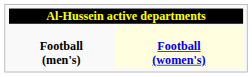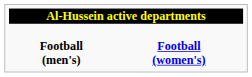 <table class="infobox" style="width: 20em; font-size: 95%em;">
 <tr style="color:yellow; background:black; text-align:center;">
 <th colspan="3" style="text-align: center">Al-Hussein active departments</th>
 </tr>
 <tr style="text-align: center">
 <td><br><strong>Football<br>(men's)</strong></td>
-<td style="background: lightyellow;"><br><strong><a href='#'>Football<br>(women's)</a></strong></td>
+<td><br><strong><a href='#'>Football<br>(women's)</a></strong></td>
 </tr>
 </table>
